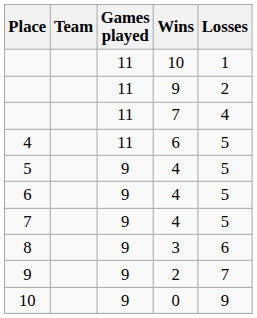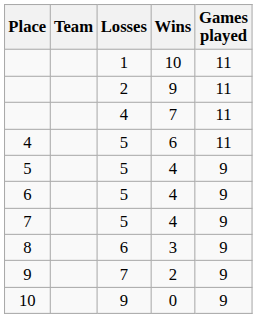 <table class="wikitable" style="text-align:center;">
 <tr>
 <th>Place</th>
 <th>Team</th>
+<th>Losses</th>
+<th>Wins</th>
 <th>Games<br>played</th>
-<th>Wins</th>
-<th>Losses</th>
 </tr>
 <tr>
 <td></td>
 <td align=left></td>
+<td>1</td>
+<td>10</td>
 <td>11</td>
-<td>10</td>
-<td>1</td>
 </tr>
 <tr>
 <td></td>
 <td align=left></td>
+<td>2</td>
+<td>9</td>
 <td>11</td>
-<td>9</td>
-<td>2</td>
 </tr>
 <tr>
 <td></td>
 <td align=left></td>
+<td>4</td>
+<td>7</td>
 <td>11</td>
-<td>7</td>
-<td>4</td>
 </tr>
 <tr>
 <td>4</td>
 <td align=left></td>
+<td>5</td>
+<td>6</td>
 <td>11</td>
-<td>6</td>
-<td>5</td>
 </tr>
 <tr>
 <td>5</td>
 <td align=left></td>
+<td>5</td>
+<td>4</td>
 <td>9</td>
-<td>4</td>
-<td>5</td>
 </tr>
 <tr>
 <td>6</td>
 <td align=left></td>
+<td>5</td>
+<td>4</td>
 <td>9</td>
-<td>4</td>
-<td>5</td>
 </tr>
 <tr>
 <td>7</td>
 <td align=left></td>
+<td>5</td>
+<td>4</td>
 <td>9</td>
-<td>4</td>
-<td>5</td>
 </tr>
 <tr>
 <td>8</td>
 <td align=left></td>
+<td>6</td>
+<td>3</td>
 <td>9</td>
-<td>3</td>
-<td>6</td>
 </tr>
 <tr>
 <td>9</td>
 <td align=left></td>
+<td>7</td>
+<td>2</td>
 <td>9</td>
-<td>2</td>
-<td>7</td>
 </tr>
 <tr>
 <td>10</td>
 <td align=left></td>
 <td>9</td>
 <td>0</td>
 <td>9</td>
 </tr>
 </table>
